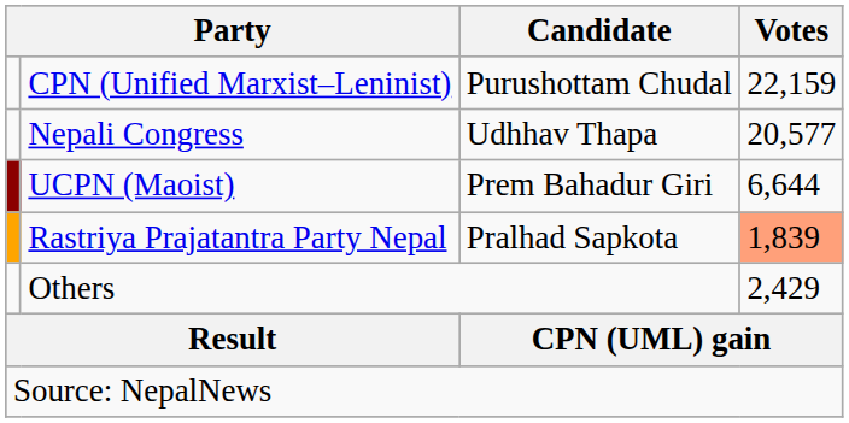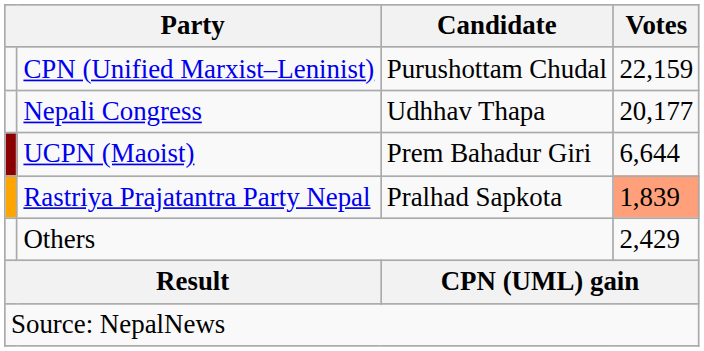 <table class="wikitable">
 <tr>
 <th colspan="2">Party</th>
 <th>Candidate</th>
 <th>Votes</th>
 </tr>
 <tr>
 <td style="background-color:"></td>
 <td><a href='#'>CPN (Unified Marxist–Leninist)</a></td>
 <td>Purushottam Chudal</td>
 <td>22,159</td>
 </tr>
 <tr>
 <td style="background-color:"></td>
 <td><a href='#'>Nepali Congress</a></td>
 <td>Udhhav Thapa</td>
-<td>20,577</td>
+<td>20,177</td>
 </tr>
 <tr>
 <td style="background-color:darkred"></td>
 <td><a href='#'>UCPN (Maoist)</a></td>
 <td>Prem Bahadur Giri</td>
 <td>6,644</td>
 </tr>
 <tr>
 <td style="background-color:orange"></td>
 <td><a href='#'>Rastriya Prajatantra Party Nepal</a></td>
 <td>Pralhad Sapkota</td>
 <td style="background: lightsalmon;">1,839</td>
 </tr>
 <tr>
 <td></td>
 <td colspan="2">Others</td>
 <td>2,429</td>
 </tr>
 <tr>
 <th colspan="2">Result</th>
 <th colspan="2">CPN (UML) gain</th>
 </tr>
 <tr>
 <td colspan="4">Source: NepalNews</td>
 </tr>
 </table>
